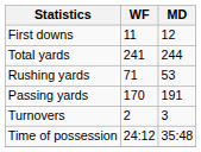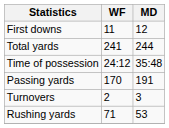 <table class="wikitable">
 <tr>
 <th>Statistics</th>
 <th>WF</th>
 <th>MD</th>
 </tr>
 <tr>
 <td>First downs</td>
 <td>11</td>
 <td>12</td>
 </tr>
 <tr>
 <td>Total yards</td>
 <td>241</td>
 <td>244</td>
 </tr>
 <tr>
-<td>Rushing yards</td>
-<td>71</td>
-<td>53</td>
+<td>Time of possession</td>
+<td>24:12</td>
+<td>35:48</td>
 </tr>
 <tr>
 <td>Passing yards</td>
 <td>170</td>
 <td>191</td>
 </tr>
 <tr>
 <td>Turnovers</td>
 <td>2</td>
 <td>3</td>
 </tr>
 <tr>
-<td>Time of possession</td>
-<td>24:12</td>
-<td>35:48</td>
+<td>Rushing yards</td>
+<td>71</td>
+<td>53</td>
 </tr>
 <tr>
 </tr>
 </table>
